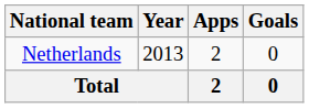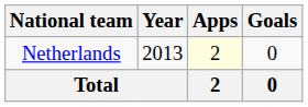 <table class="wikitable" style="text-align:center">
 <tr>
 <th>National team</th>
 <th>Year</th>
 <th>Apps</th>
 <th>Goals</th>
 </tr>
 <tr>
 <td><a href='#'>Netherlands</a></td>
 <td>2013</td>
-<td>2</td>
+<td style="background: lightyellow;">2</td>
 <td>0</td>
 </tr>
 <tr>
 <th colspan="2">Total</th>
 <th>2</th>
 <th>0</th>
 </tr>
 </table>
